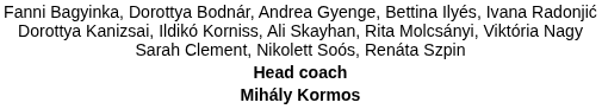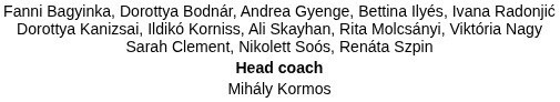 <table style="text-align: center; margin-top: 2em; margin-left: auto; margin-right: auto">
 <tr>
 <td>Fanni Bagyinka, Dorottya Bodnár, Andrea Gyenge, Bettina Ilyés, Ivana Radonjić<br>Dorottya Kanizsai, Ildikó Korniss, Ali Skayhan, Rita Molcsányi, Viktória Nagy<br>Sarah Clement, Nikolett Soós, Renáta Szpin</td>
 </tr>
 <tr>
 <td><strong>Head coach</strong></td>
 </tr>
 <tr>
-<td><strong>Mihály Kormos</strong></td>
+<td>Mihály Kormos</td>
 </tr>
 </table>
